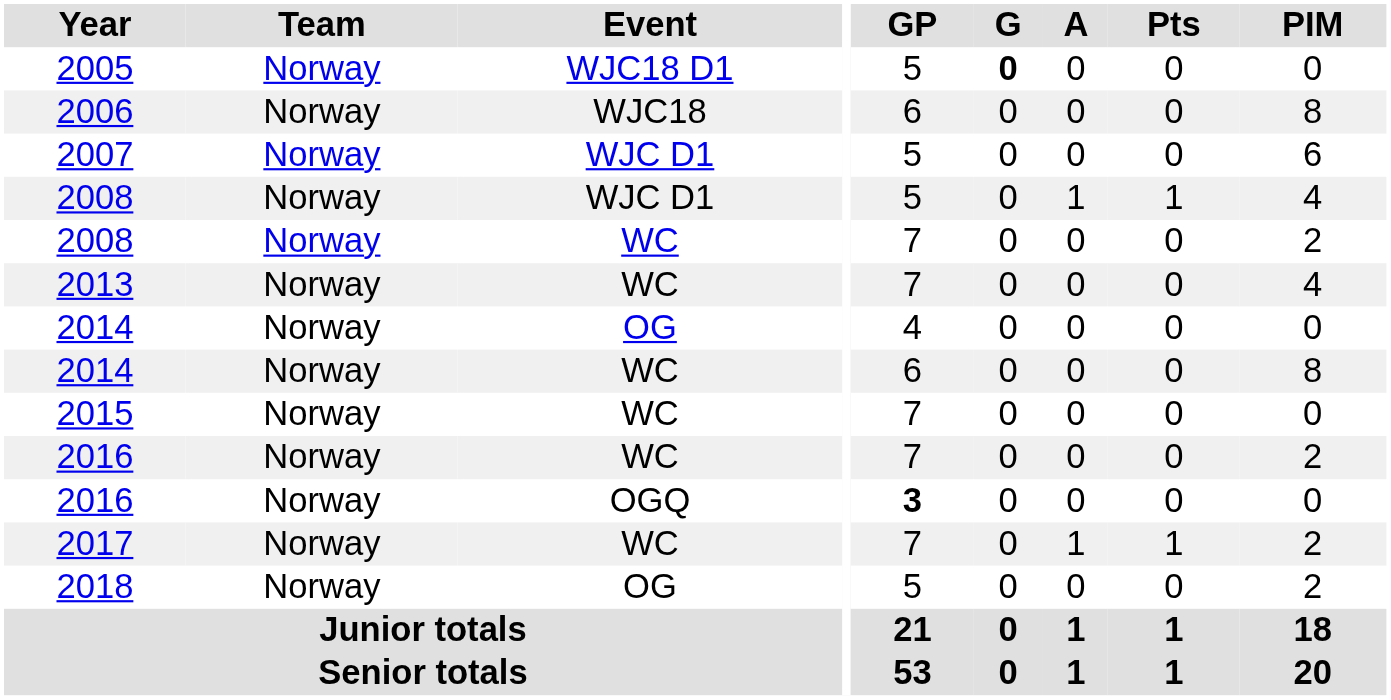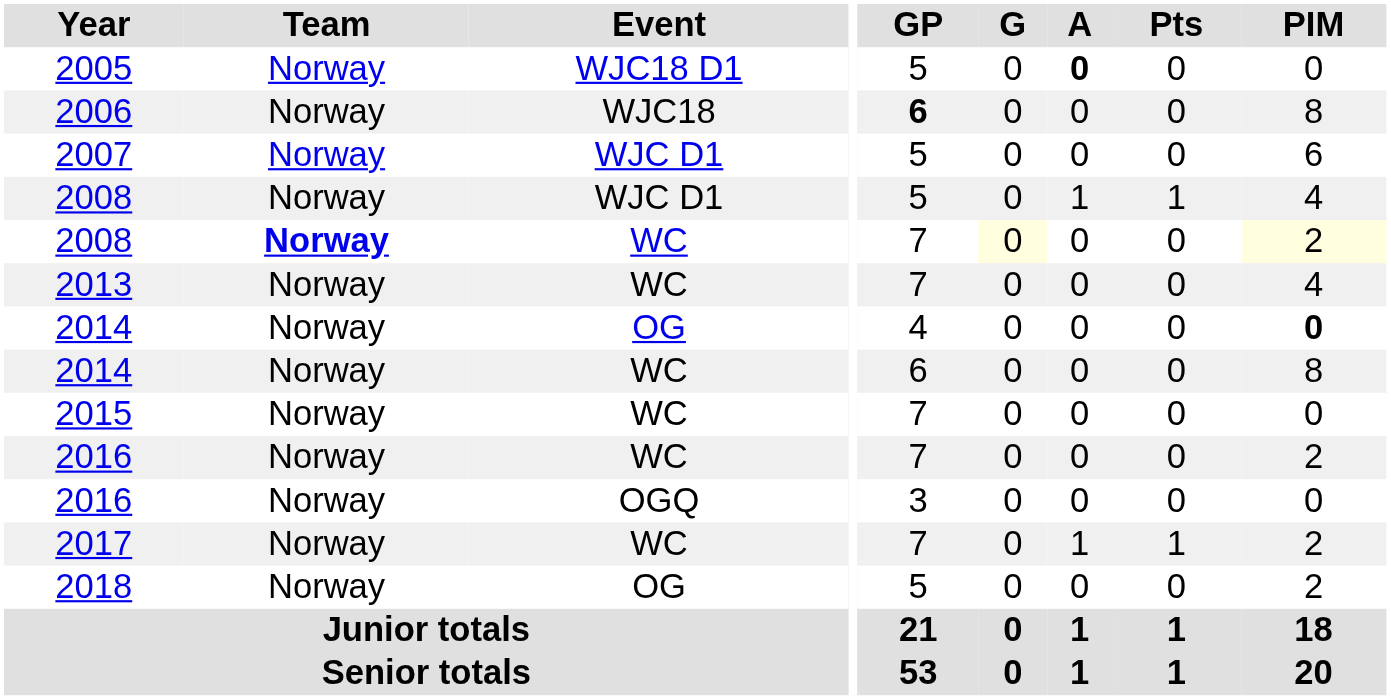 <table border="0" cellpadding="1" cellspacing="0" ID="Table3" style="text-align:center; width:40em">
 <tr ALIGN="center" bgcolor="#e0e0e0">
 <th>Year</th>
 <th>Team</th>
 <th>Event</th>
 <th rowspan="102" bgcolor="#ffffff"></th>
 <th>GP</th>
 <th>G</th>
 <th>A</th>
 <th>Pts</th>
 <th>PIM</th>
 </tr>
 <tr>
 <td><a href='#'>2005</a></td>
 <td><a href='#'>Norway</a></td>
 <td><a href='#'>WJC18 D1</a></td>
 <td>5</td>
+<td>0</td>
 <td><strong>0</strong></td>
-<td>0</td>
 <td>0</td>
 <td>0</td>
 </tr>
 <tr bgcolor="#f0f0f0">
 <td><a href='#'>2006</a></td>
 <td>Norway</td>
 <td>WJC18</td>
-<td>6</td>
+<td><strong>6</strong></td>
 <td>0</td>
 <td>0</td>
 <td>0</td>
 <td>8</td>
 </tr>
 <tr>
 <td><a href='#'>2007</a></td>
 <td><a href='#'>Norway</a></td>
 <td><a href='#'>WJC D1</a></td>
 <td>5</td>
 <td>0</td>
 <td>0</td>
 <td>0</td>
 <td>6</td>
 </tr>
 <tr bgcolor="#f0f0f0">
 <td><a href='#'>2008</a></td>
 <td>Norway</td>
 <td>WJC D1</td>
 <td>5</td>
 <td>0</td>
 <td>1</td>
 <td>1</td>
 <td>4</td>
 </tr>
 <tr>
 <td><a href='#'>2008</a></td>
-<td><a href='#'>Norway</a></td>
+<td><strong><a href='#'>Norway</a></strong></td>
 <td><a href='#'>WC</a></td>
 <td>7</td>
+<td style="background: lightyellow;">0</td>
 <td>0</td>
 <td>0</td>
-<td>0</td>
-<td>2</td>
+<td style="background: lightyellow;">2</td>
 </tr>
 <tr bgcolor="#f0f0f0">
 <td><a href='#'>2013</a></td>
 <td>Norway</td>
 <td>WC</td>
 <td>7</td>
 <td>0</td>
 <td>0</td>
 <td>0</td>
 <td>4</td>
 </tr>
 <tr>
 <td><a href='#'>2014</a></td>
 <td>Norway</td>
 <td><a href='#'>OG</a></td>
 <td>4</td>
 <td>0</td>
 <td>0</td>
 <td>0</td>
-<td>0</td>
+<td><strong>0</strong></td>
 </tr>
 <tr bgcolor="#f0f0f0">
 <td><a href='#'>2014</a></td>
 <td>Norway</td>
 <td>WC</td>
 <td>6</td>
 <td>0</td>
 <td>0</td>
 <td>0</td>
 <td>8</td>
 </tr>
 <tr>
 <td><a href='#'>2015</a></td>
 <td>Norway</td>
 <td>WC</td>
 <td>7</td>
 <td>0</td>
 <td>0</td>
 <td>0</td>
 <td>0</td>
 </tr>
 <tr bgcolor="#f0f0f0">
 <td><a href='#'>2016</a></td>
 <td>Norway</td>
 <td>WC</td>
 <td>7</td>
 <td>0</td>
 <td>0</td>
 <td>0</td>
 <td>2</td>
 </tr>
 <tr>
 <td><a href='#'>2016</a></td>
 <td>Norway</td>
 <td>OGQ</td>
-<td><strong>3</strong></td>
+<td>3</td>
 <td>0</td>
 <td>0</td>
 <td>0</td>
 <td>0</td>
 </tr>
 <tr bgcolor="#f0f0f0">
 <td><a href='#'>2017</a></td>
 <td>Norway</td>
 <td>WC</td>
 <td>7</td>
 <td>0</td>
 <td>1</td>
 <td>1</td>
 <td>2</td>
 </tr>
 <tr>
 <td><a href='#'>2018</a></td>
 <td>Norway</td>
 <td>OG</td>
 <td>5</td>
 <td>0</td>
 <td>0</td>
 <td>0</td>
 <td>2</td>
 </tr>
 <tr bgcolor="#e0e0e0">
 <th colspan=3>Junior totals</th>
 <th>21</th>
 <th>0</th>
 <th>1</th>
 <th>1</th>
 <th>18</th>
 </tr>
 <tr bgcolor="#e0e0e0">
 <th colspan=3>Senior totals</th>
 <th>53</th>
 <th>0</th>
 <th>1</th>
 <th>1</th>
 <th>20</th>
 </tr>
 </table>
